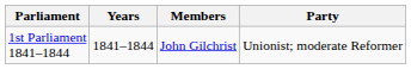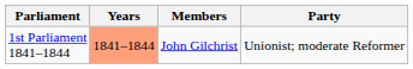 <table class="wikitable">
 <tr>
 <th>Parliament</th>
 <th>Years</th>
 <th colspan="2">Members</th>
 <th>Party</th>
 </tr>
 <tr>
 <td><a href='#'>1st Parliament</a><br>1841–1844</td>
-<td>1841–1844</td>
+<td style="background: lightsalmon;">1841–1844</td>
 <td colspan = "2"><a href='#'>John Gilchrist</a></td>
 <td>Unionist;  moderate Reformer</td>
 </tr>
 </table>
